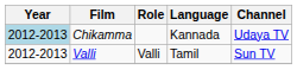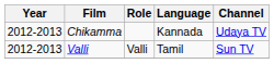 <table class="wikitable sortable">
 <tr>
 <th>Year</th>
 <th>Film</th>
 <th>Role</th>
 <th>Language</th>
 <th>Channel</th>
 </tr>
 <tr>
-<td style="background: lightblue;">2012-2013</td>
+<td>2012-2013</td>
 <td><em>Chikamma</em></td>
 <td></td>
 <td>Kannada</td>
 <td><a href='#'>Udaya TV</a></td>
 </tr>
 <tr>
 <td>2012-2013</td>
 <td><em><a href='#'>Valli</a></em></td>
 <td>Valli</td>
 <td>Tamil</td>
 <td><a href='#'>Sun TV</a></td>
 </tr>
 <tr>
 </tr>
 </table>
